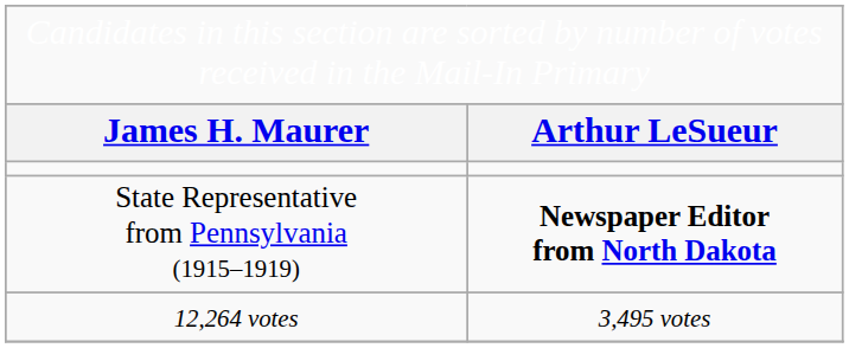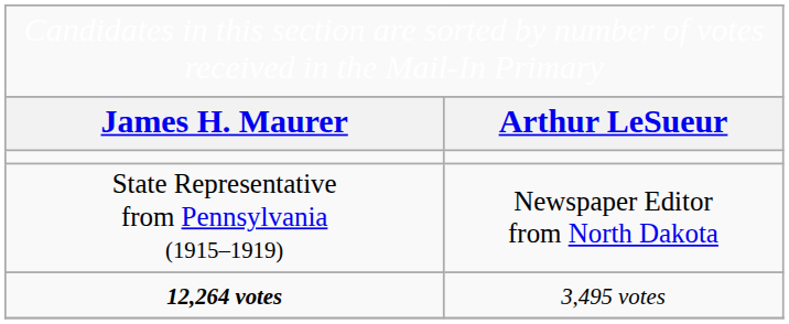 <table class="wikitable" style="font-size:90%">
 <tr>
 <td colspan="6" style="text-align:center; width:400px; font-size:120%; color:white; background:"><em>Candidates in this section are sorted by number of votes received in the Mail-In Primary</em></td>
 </tr>
 <tr>
 <th scope="col" style="width:3em; font-size:120%;"><a href='#'>James H. Maurer</a></th>
 <th scope="col" style="width:3em; font-size:120%;"><a href='#'>Arthur LeSueur</a></th>
 </tr>
 <tr>
 <td></td>
 <td></td>
 </tr>
 <tr style="text-align:center">
 <td>State Representative<br>from <a href='#'>Pennsylvania</a><br><small>(1915–1919)</small></td>
-<td><strong>Newspaper Editor<br>from <a href='#'>North Dakota</a></strong></td>
+<td>Newspaper Editor<br>from <a href='#'>North Dakota</a></td>
 </tr>
 <tr style="text-align:center">
-<td><em><small>12,264 votes</small></em></td>
+<td><strong><em><small>12,264 votes</small></em></strong></td>
 <td><em><small>3,495 votes</small></em></td>
 </tr>
 <tr>
 </tr>
 </table>
